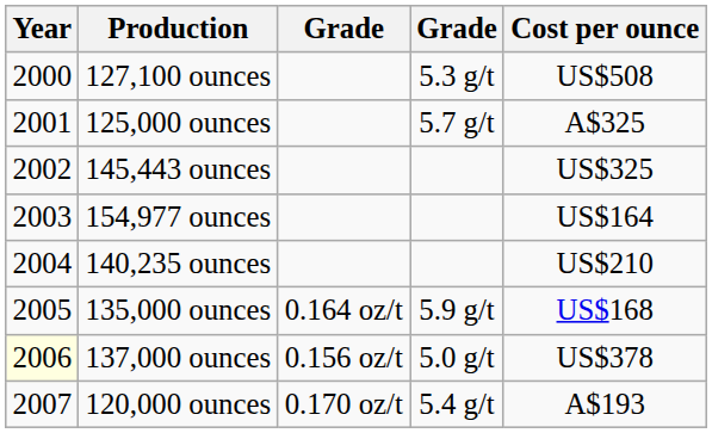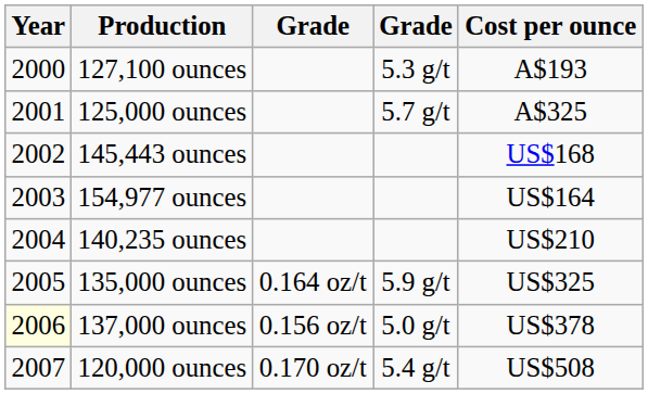 <table class="wikitable">
 <tr style="text-align:center;">
 <th>Year</th>
 <th>Production</th>
 <th>Grade</th>
 <th>Grade</th>
 <th>Cost per ounce</th>
 </tr>
 <tr style="text-align:center;">
 <td>2000</td>
 <td>127,100 ounces</td>
 <td></td>
 <td>5.3 g/t</td>
-<td>US$508</td>
+<td>A$193</td>
 </tr>
 <tr style="text-align:center;">
 <td>2001</td>
 <td>125,000 ounces</td>
 <td></td>
 <td>5.7 g/t</td>
 <td>A$325</td>
 </tr>
 <tr style="text-align:center;">
 <td>2002</td>
 <td>145,443 ounces</td>
 <td></td>
 <td></td>
-<td>US$325</td>
+<td><a href='#'>US$</a>168</td>
 </tr>
 <tr style="text-align:center;">
 <td>2003</td>
 <td>154,977 ounces</td>
 <td></td>
 <td></td>
 <td>US$164</td>
 </tr>
 <tr style="text-align:center;">
 <td>2004</td>
 <td>140,235 ounces</td>
 <td></td>
 <td></td>
 <td>US$210</td>
 </tr>
 <tr style="text-align:center;">
 <td>2005</td>
 <td>135,000 ounces</td>
 <td>0.164 oz/t</td>
 <td>5.9 g/t</td>
-<td><a href='#'>US$</a>168</td>
+<td>US$325</td>
 </tr>
 <tr style="text-align:center;">
 <td style="background: lightyellow;">2006</td>
 <td>137,000 ounces</td>
 <td>0.156 oz/t</td>
 <td>5.0 g/t</td>
 <td>US$378</td>
 </tr>
 <tr style="text-align:center;">
 <td>2007</td>
 <td>120,000 ounces</td>
 <td>0.170 oz/t</td>
 <td>5.4 g/t</td>
-<td>A$193</td>
+<td>US$508</td>
 </tr>
 </table>
